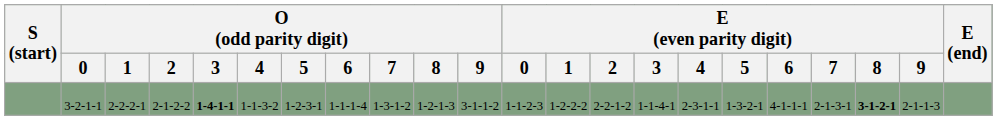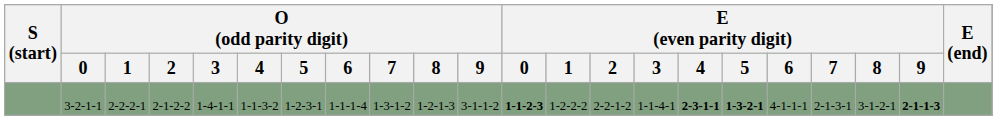 <table class="wikitable" style="text-align:center; background-color:#80A080;">
 <tr>
 <th rowspan="2">S<br>(start)</th>
 <th colspan="10">O<br>(odd parity digit)</th>
 <th colspan="10">E<br>(even parity digit)</th>
 <th rowspan="2">E<br>(end)</th>
 </tr>
 <tr>
 <th>0</th>
 <th>1</th>
 <th>2</th>
 <th>3</th>
 <th>4</th>
 <th>5</th>
 <th>6</th>
 <th>7</th>
 <th>8</th>
 <th>9</th>
 <th>0</th>
 <th>1</th>
 <th>2</th>
 <th>3</th>
 <th>4</th>
 <th>5</th>
 <th>6</th>
 <th>7</th>
 <th>8</th>
 <th>9</th>
 </tr>
 <tr valign="top">
 <td></td>
 <td style="font-size:70%;"><br>3-2-1-1</td>
 <td style="font-size:70%;"><br>2-2-2-1</td>
 <td style="font-size:70%;"><br>2-1-2-2</td>
-<td style="font-size:70%;"><strong><br>1-4-1-1</strong></td>
+<td style="font-size:70%;"><br>1-4-1-1</td>
 <td style="font-size:70%;"><br>1-1-3-2</td>
 <td style="font-size:70%;"><br>1-2-3-1</td>
 <td style="font-size:70%;"><br>1-1-1-4</td>
 <td style="font-size:70%;"><br>1-3-1-2</td>
 <td style="font-size:70%;"><br>1-2-1-3</td>
 <td style="font-size:70%;"><br>3-1-1-2</td>
-<td style="font-size:70%;"><br>1-1-2-3</td>
+<td style="font-size:70%;"><strong><br>1-1-2-3</strong></td>
 <td style="font-size:70%;"><br>1-2-2-2</td>
 <td style="font-size:70%;"><br>2-2-1-2</td>
 <td style="font-size:70%;"><br>1-1-4-1</td>
-<td style="font-size:70%;"><br>2-3-1-1</td>
-<td style="font-size:70%;"><br>1-3-2-1</td>
+<td style="font-size:70%;"><strong><br>2-3-1-1</strong></td>
+<td style="font-size:70%;"><strong><br>1-3-2-1</strong></td>
 <td style="font-size:70%;"><br>4-1-1-1</td>
 <td style="font-size:70%;"><br>2-1-3-1</td>
-<td style="font-size:70%;"><strong><br>3-1-2-1</strong></td>
-<td style="font-size:70%;"><br>2-1-1-3</td>
+<td style="font-size:70%;"><br>3-1-2-1</td>
+<td style="font-size:70%;"><strong><br>2-1-1-3</strong></td>
 <td style="font-size:70%;"></td>
 </tr>
 </table>
